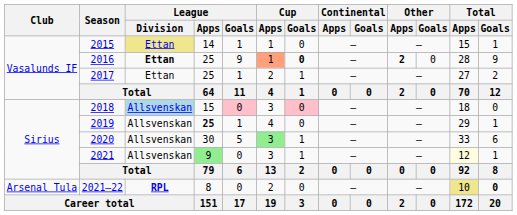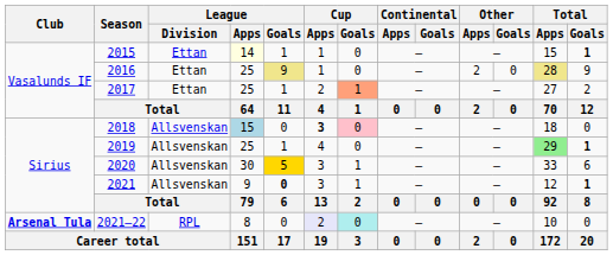 <table class="wikitable" style="text-align: center;">
 <tr>
 <th rowspan=2>Club</th>
 <th rowspan=2>Season</th>
 <th colspan=3>League</th>
 <th colspan=2>Cup</th>
 <th colspan=2>Continental</th>
 <th colspan=2>Other</th>
 <th colspan=2>Total</th>
 </tr>
 <tr>
 <th>Division</th>
 <th>Apps</th>
 <th>Goals</th>
 <th>Apps</th>
 <th>Goals</th>
 <th>Apps</th>
 <th>Goals</th>
 <th>Apps</th>
 <th>Goals</th>
 <th>Apps</th>
 <th>Goals</th>
 </tr>
 <tr>
 <td rowspan="4"><a href='#'>Vasalunds IF</a></td>
 <td><a href='#'>2015</a></td>
-<td style="background: khaki;"><a href='#'>Ettan</a></td>
-<td>14</td>
+<td><a href='#'>Ettan</a></td>
+<td style="background: lightyellow;">14</td>
 <td>1</td>
 <td>1</td>
 <td>0</td>
 <td colspan=2>–</td>
 <td colspan=2>–</td>
 <td>15</td>
-<td>1</td>
+<td><strong>1</strong></td>
 </tr>
 <tr>
 <td><a href='#'>2016</a></td>
-<td><strong>Ettan</strong></td>
+<td>Ettan</td>
 <td>25</td>
-<td>9</td>
-<td style="background: lightsalmon;">1</td>
-<td><strong>0</strong></td>
+<td style="background: khaki;">9</td>
+<td>1</td>
+<td>0</td>
 <td colspan=2>–</td>
-<td><strong>2</strong></td>
+<td>2</td>
 <td>0</td>
-<td>28</td>
+<td style="background: khaki;">28</td>
 <td>9</td>
 </tr>
 <tr>
 <td><a href='#'>2017</a></td>
 <td>Ettan</td>
 <td>25</td>
 <td>1</td>
 <td>2</td>
-<td>1</td>
+<td style="background: lightsalmon;">1</td>
 <td colspan=2>–</td>
 <td colspan=2>–</td>
 <td>27</td>
 <td>2</td>
 </tr>
 <tr>
 <th colspan=2>Total</th>
 <th>64</th>
 <th>11</th>
 <th>4</th>
 <th>1</th>
 <th>0</th>
 <th>0</th>
 <th>2</th>
 <th>0</th>
 <th>70</th>
 <th>12</th>
 </tr>
 <tr>
 <td rowspan="5"><a href='#'>Sirius</a></td>
 <td><a href='#'>2018</a></td>
-<td style="background: lightblue;"><a href='#'>Allsvenskan</a></td>
-<td>15</td>
-<td style="background: pink;">0</td>
-<td>3</td>
+<td><a href='#'>Allsvenskan</a></td>
+<td style="background: lightblue;">15</td>
+<td>0</td>
+<td><strong>3</strong></td>
 <td style="background: pink;">0</td>
 <td colspan=2>–</td>
 <td colspan=2>–</td>
 <td>18</td>
 <td>0</td>
 </tr>
 <tr>
 <td><a href='#'>2019</a></td>
 <td>Allsvenskan</td>
-<td><strong>25</strong></td>
+<td>25</td>
 <td>1</td>
 <td>4</td>
 <td>0</td>
 <td colspan=2>–</td>
 <td colspan=2>–</td>
-<td>29</td>
-<td>1</td>
+<td style="background: lightgreen;">29</td>
+<td><strong>1</strong></td>
 </tr>
 <tr>
 <td><a href='#'>2020</a></td>
 <td>Allsvenskan</td>
 <td>30</td>
-<td>5</td>
-<td style="background: lightgreen;">3</td>
+<td style="background: gold;">5</td>
+<td>3</td>
 <td>1</td>
 <td colspan=2>–</td>
 <td colspan=2>–</td>
 <td>33</td>
 <td>6</td>
 </tr>
 <tr>
 <td><a href='#'>2021</a></td>
 <td>Allsvenskan</td>
-<td style="background: lightgreen;">9</td>
-<td>0</td>
+<td>9</td>
+<td><strong>0</strong></td>
 <td>3</td>
 <td>1</td>
 <td colspan=2>–</td>
 <td colspan=2>–</td>
-<td style="background: lightyellow;">12</td>
-<td>1</td>
+<td>12</td>
+<td><strong>1</strong></td>
 </tr>
 <tr>
 <th colspan=2>Total</th>
 <th>79</th>
 <th>6</th>
 <th>13</th>
 <th>2</th>
 <th>0</th>
 <th>0</th>
 <th>0</th>
 <th>0</th>
 <th>92</th>
 <th>8</th>
 </tr>
 <tr>
-<td><a href='#'>Arsenal Tula</a></td>
+<td><strong><a href='#'>Arsenal Tula</a></strong></td>
 <td><a href='#'>2021–22</a></td>
-<td><strong><a href='#'>RPL</a></strong></td>
+<td><a href='#'>RPL</a></td>
 <td>8</td>
 <td>0</td>
-<td>2</td>
-<td>0</td>
+<td style="background: lavender;">2</td>
+<td style="background: paleturquoise;">0</td>
 <td colspan=2>–</td>
 <td colspan=2>–</td>
-<td style="background: khaki;">10</td>
-<td><strong>0</strong></td>
+<td>10</td>
+<td>0</td>
 </tr>
 <tr>
 <th colspan=3>Career total</th>
 <th>151</th>
 <th>17</th>
 <th>19</th>
 <th>3</th>
 <th>0</th>
 <th>0</th>
 <th>2</th>
 <th>0</th>
 <th>172</th>
 <th>20</th>
 </tr>
 </table>
